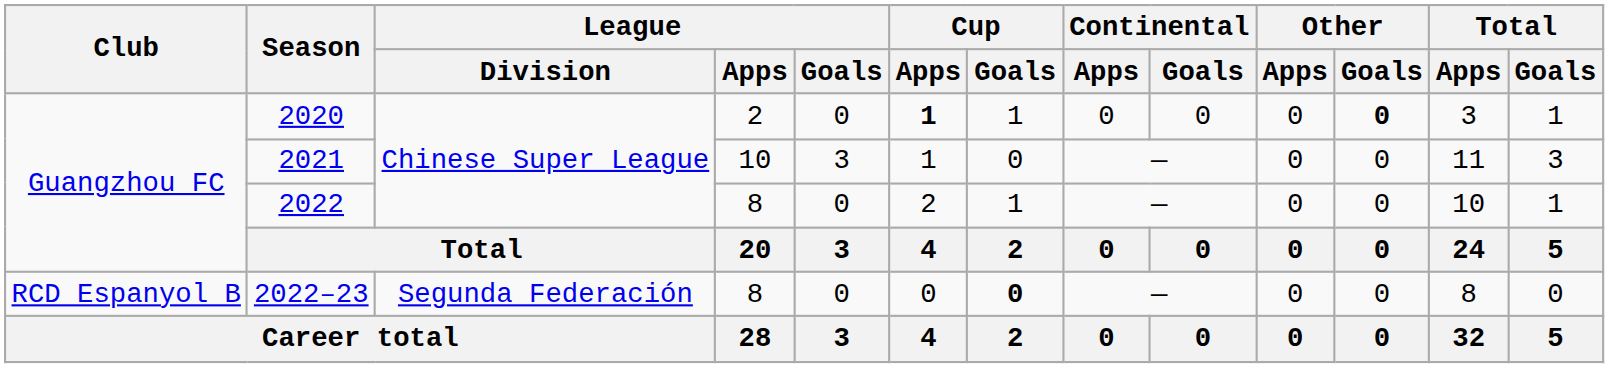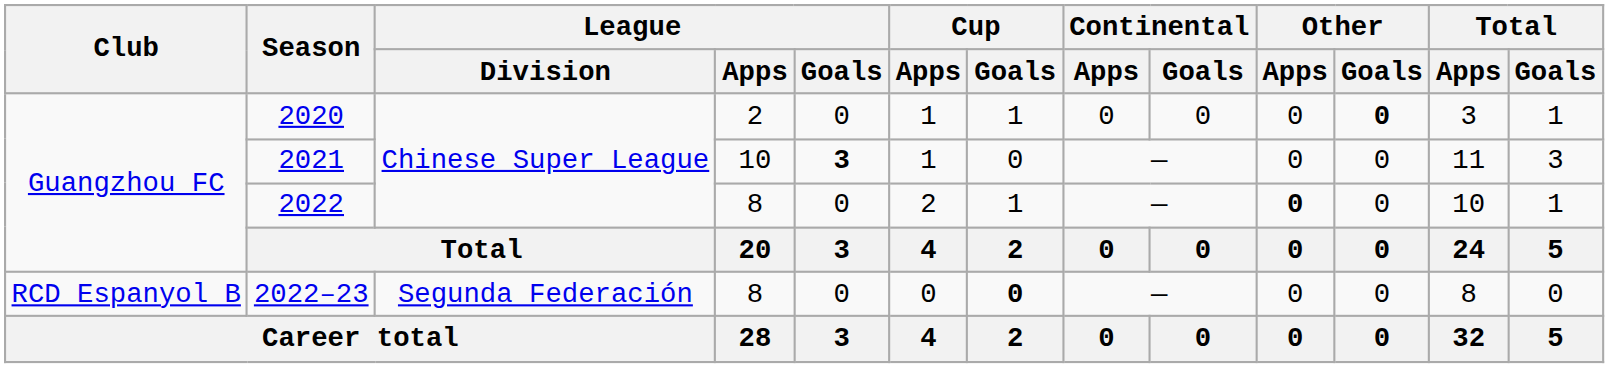 <table class=wikitable style=text-align:center>
 <tr>
 <th rowspan="2">Club</th>
 <th rowspan="2">Season</th>
 <th colspan="3">League</th>
 <th colspan="2">Cup</th>
 <th colspan="2">Continental</th>
 <th colspan="2">Other</th>
 <th colspan="2">Total</th>
 </tr>
 <tr>
 <th>Division</th>
 <th>Apps</th>
 <th>Goals</th>
 <th>Apps</th>
 <th>Goals</th>
 <th>Apps</th>
 <th>Goals</th>
 <th>Apps</th>
 <th>Goals</th>
 <th>Apps</th>
 <th>Goals</th>
 </tr>
 <tr>
 <td rowspan="4"><a href='#'>Guangzhou FC</a></td>
 <td><a href='#'>2020</a></td>
 <td rowspan="3"><a href='#'>Chinese Super League</a></td>
 <td>2</td>
 <td>0</td>
-<td><strong>1</strong></td>
+<td>1</td>
 <td>1</td>
 <td>0</td>
 <td>0</td>
 <td>0</td>
 <td><strong>0</strong></td>
 <td>3</td>
 <td>1</td>
 </tr>
 <tr>
 <td><a href='#'>2021</a></td>
 <td>10</td>
-<td>3</td>
+<td><strong>3</strong></td>
 <td>1</td>
 <td>0</td>
 <td colspan="2">—</td>
 <td>0</td>
 <td>0</td>
 <td>11</td>
 <td>3</td>
 </tr>
 <tr>
 <td><a href='#'>2022</a></td>
 <td>8</td>
 <td>0</td>
 <td>2</td>
 <td>1</td>
 <td colspan="2">—</td>
-<td>0</td>
+<td><strong>0</strong></td>
 <td>0</td>
 <td>10</td>
 <td>1</td>
 </tr>
 <tr>
 <th colspan="2">Total</th>
 <th>20</th>
 <th>3</th>
 <th>4</th>
 <th>2</th>
 <th>0</th>
 <th>0</th>
 <th>0</th>
 <th>0</th>
 <th>24</th>
 <th>5</th>
 </tr>
 <tr>
 <td><a href='#'>RCD Espanyol B</a></td>
 <td><a href='#'>2022–23</a></td>
 <td><a href='#'>Segunda Federación</a></td>
 <td>8</td>
 <td>0</td>
 <td>0</td>
 <td><strong>0</strong></td>
 <td colspan="2">—</td>
 <td>0</td>
 <td>0</td>
 <td>8</td>
 <td>0</td>
 </tr>
 <tr>
 <th colspan="3">Career total</th>
 <th>28</th>
 <th>3</th>
 <th>4</th>
 <th>2</th>
 <th>0</th>
 <th>0</th>
 <th>0</th>
 <th>0</th>
 <th>32</th>
 <th>5</th>
 </tr>
 </table>
